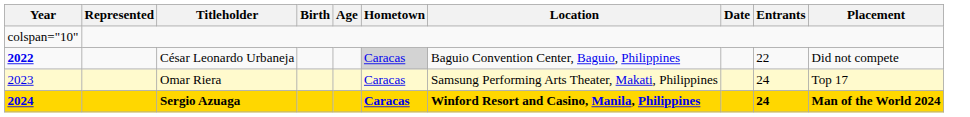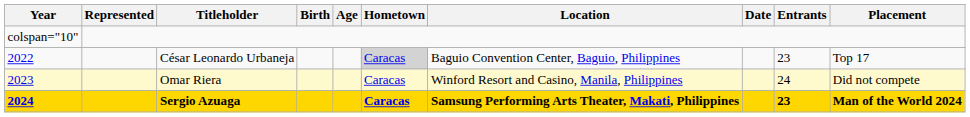 <table class="wikitable sortable" style="font-size: 95%;">
 <tr>
 <th>Year</th>
 <th>Represented</th>
 <th>Titleholder</th>
 <th>Birth</th>
 <th>Age</th>
 <th>Hometown</th>
 <th>Location</th>
 <th>Date</th>
 <th>Entrants</th>
 <th>Placement</th>
 </tr>
 <tr>
 <td>colspan="10" </td>
 </tr>
 <tr>
-<td><strong><a href='#'>2022</a></strong></td>
+<td><a href='#'>2022</a></td>
 <td></td>
 <td>César Leonardo Urbaneja</td>
 <td></td>
 <td></td>
 <td style="background: lightgrey;"><a href='#'>Caracas</a></td>
 <td>Baguio Convention Center, <a href='#'>Baguio</a>, <a href='#'>Philippines</a></td>
 <td></td>
-<td>22</td>
-<td>Did not compete</td>
+<td>23</td>
+<td>Top 17</td>
 </tr>
 <tr style="background-color:#FFFACD;">
 <td><a href='#'>2023</a></td>
 <td></td>
 <td>Omar Riera</td>
 <td></td>
 <td></td>
 <td><a href='#'>Caracas</a></td>
-<td>Samsung Performing Arts Theater, <a href='#'>Makati</a>, Philippines</td>
+<td>Winford Resort and Casino, <a href='#'>Manila</a>, <a href='#'>Philippines</a></td>
 <td></td>
 <td>24</td>
-<td>Top 17</td>
+<td>Did not compete</td>
 </tr>
 <tr style="background-color:gold; font-weight: bold ">
 <td><a href='#'>2024</a></td>
 <td></td>
 <td><strong>Sergio Azuaga</strong></td>
 <td></td>
 <td></td>
 <td><a href='#'>Caracas</a></td>
-<td>Winford Resort and Casino, <a href='#'>Manila</a>, <a href='#'>Philippines</a></td>
+<td>Samsung Performing Arts Theater, <a href='#'>Makati</a>, Philippines</td>
 <td></td>
-<td>24</td>
+<td>23</td>
 <td><strong>Man of the World 2024</strong></td>
 </tr>
 </table>
